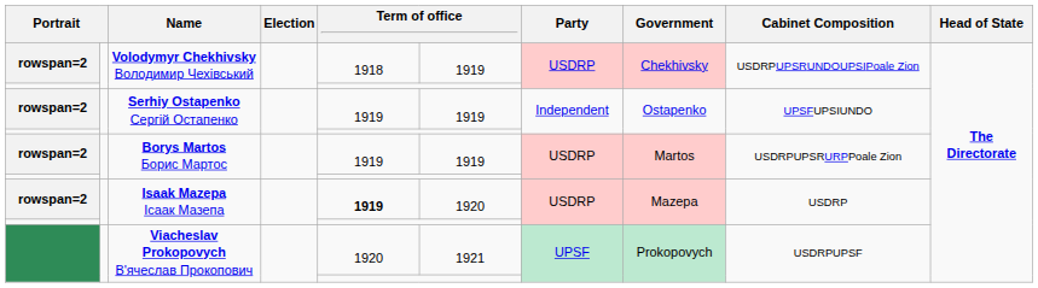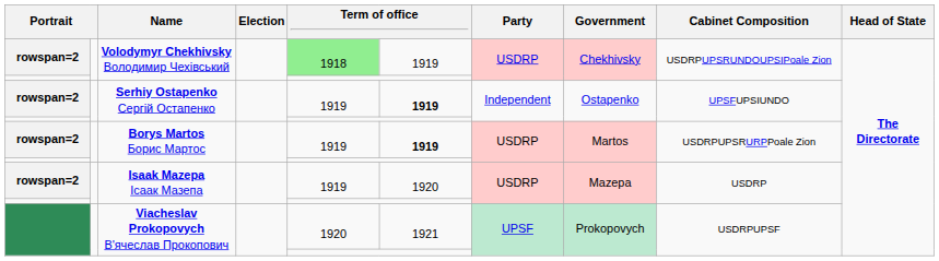 <table class="wikitable plainrowheaders" style="text-align: center; line-height: 130%; width: 99%">
 <tr>
 <th scope="col" colspan="2" style="width: 10%">Portrait</th>
 <th scope="col" style="width: 15%">Name<br></th>
 <th scope="col" style="width: 5%">Election</th>
 <th scope="col" colspan="2" style="width: 20%">Term of office<hr></th>
 <th scope="col" style="width: 10%">Party</th>
 <th scope="col" style="width: 10%">Government</th>
 <th scope="col" style="width: 20%">Cabinet Composition</th>
 <th scope="col" style="width: 10%">Head of State</th>
 </tr>
 <tr>
 <th>rowspan=2 </th>
 <td rowspan=2></td>
 <td rowspan=2><a href='#'><strong>Volodymyr Chekhivsky</strong><br><span>Володимир Чехівський</span></a><br></td>
 <td rowspan=2><a href='#'></a></td>
-<td class="nowrap"><br>1918</td>
+<td class="nowrap" style="background: lightgreen;"><br>1918</td>
 <td class="nowrap"><br>1919</td>
 <td rowspan=2 style="background:#FFCCCC"><a href='#'>USDRP</a></td>
 <td rowspan=2 style="background:#FFCCCC"><a href='#'>Chekhivsky</a></td>
 <td rowspan="2" style="font-size:85%; font-weight:normal; line-height:normal; text-align:center">USDRP<a href='#'>UPSR</a><a href='#'>UNDO</a><a href='#'>UPSI</a><a href='#'>Poale Zion</a></td>
 <td rowspan="10" style="font-weight:normal; text-align:center"><a href='#'><strong>The<br>Directorate</strong></a><br><br><br></td>
 </tr>
 <tr>
 <td colspan="2" style="font-weight:normal; text-align:center; font-size:85%"></td>
 </tr>
 <tr>
 <th>rowspan=2 </th>
 <td rowspan=2></td>
 <td rowspan=2><a href='#'><strong>Serhiy Ostapenko</strong><br><span>Сергій Остапенко</span></a><br></td>
 <td rowspan=2></td>
 <td class="nowrap"><br>1919</td>
-<td class="nowrap"><br>1919</td>
+<td class="nowrap"><strong><br>1919</strong></td>
 <td rowspan=2 style="background:"><a href='#'>Independent</a></td>
 <td rowspan=2 style="background:"><a href='#'>Ostapenko</a></td>
 <td rowspan="2" style="font-size:85%; font-weight:normal; line-height:normal; text-align:center"><a href='#'>UPSF</a>UPSIUNDO</td>
 </tr>
 <tr>
 <td colspan="2" style="font-weight:normal; text-align:center; font-size:85%"></td>
 </tr>
 <tr>
 <th>rowspan=2 </th>
 <td rowspan=2></td>
 <td rowspan=2><a href='#'><strong>Borys Martos</strong><br><span>Борис Мартос</span></a><br></td>
 <td rowspan=2></td>
 <td class="nowrap"><br>1919</td>
-<td class="nowrap"><br>1919</td>
+<td class="nowrap"><strong><br>1919</strong></td>
 <td rowspan=2 style="background:#FFCCCC">USDRP</td>
 <td rowspan=2 style="background:#FFCCCC">Martos</td>
 <td rowspan="2" style="font-size:85%; font-weight:normal; line-height:normal; text-align:center">USDRPUPSR<a href='#'>URP</a>Poale Zion</td>
 </tr>
 <tr>
 <td colspan="2" style="font-weight:normal; text-align:center; font-size:85%"></td>
 </tr>
 <tr>
 <th>rowspan=2 </th>
 <td rowspan=2></td>
 <td rowspan=2><a href='#'><strong>Isaak Mazepa</strong><br><span>Ісаак Мазепа</span></a><br></td>
 <td rowspan=2></td>
-<td class="nowrap"><strong><br>1919</strong></td>
+<td class="nowrap"><br>1919</td>
 <td class="nowrap"><br>1920</td>
 <td rowspan=2 style="background:#FFCCCC">USDRP</td>
 <td rowspan=2 style="background:#FFCCCC">Mazepa</td>
 <td rowspan="2" style="font-size:85%; font-weight:normal; line-height:normal; text-align:center">USDRP</td>
 </tr>
 <tr>
 <td colspan="2" style="font-weight:normal; text-align:center; font-size:85%"></td>
 </tr>
 <tr>
 <th rowspan=2 style="background:#2E8B57;"></th>
 <td rowspan=2></td>
 <td rowspan=2><a href='#'><strong>Viacheslav Prokopovych</strong><br><span>В'ячеслав Прокопович</span></a><br></td>
 <td rowspan=2></td>
 <td class="nowrap"><br>1920</td>
 <td class="nowrap"><br>1921</td>
 <td rowspan=2 style="background:#BCE9D0"><a href='#'>UPSF</a></td>
 <td rowspan=2 style="background:#BCE9D0">Prokopovych</td>
 <td rowspan="2" style="font-size:85%; font-weight:normal; line-height:normal; text-align:center">USDRPUPSF</td>
 </tr>
 <tr>
 <td colspan="2" style="font-weight:normal; text-align:center; font-size:85%"></td>
 </tr>
 </table>
